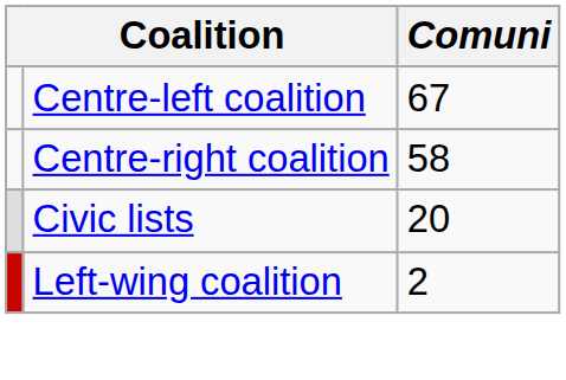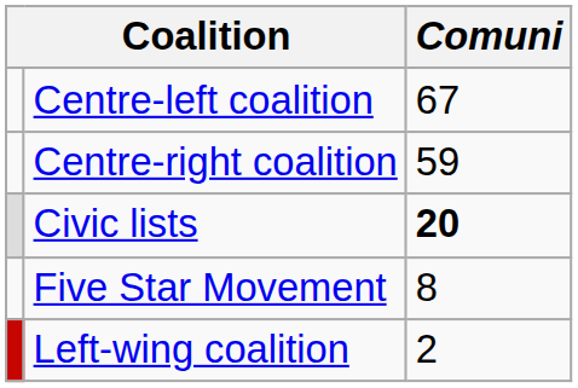 <table class="wikitable">
 <tr>
 <th colspan=2>Coalition</th>
 <th><em>Comuni</em></th>
 </tr>
 <tr>
 <td style="color:inherit;background:"></td>
 <td><a href='#'>Centre-left coalition</a></td>
 <td>67</td>
 </tr>
 <tr>
 <td style="color:inherit;background:"></td>
 <td><a href='#'>Centre-right coalition</a></td>
-<td>58</td>
+<td>59</td>
 </tr>
 <tr>
 <td bgcolor="#ddd"></td>
 <td><a href='#'>Civic lists</a></td>
-<td>20</td>
+<td><strong>20</strong></td>
+</tr>
+<tr>
+<td style="color:inherit;background:"></td>
+<td><a href='#'>Five Star Movement</a></td>
+<td>8</td>
 </tr>
 <tr>
 <td style="color:inherit;background:#c60400;"></td>
 <td><a href='#'>Left-wing coalition</a></td>
 <td>2</td>
 </tr>
 </table>
